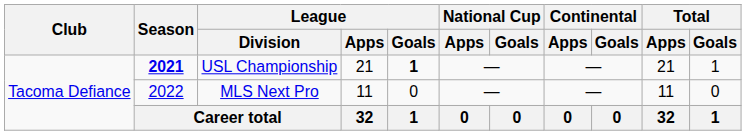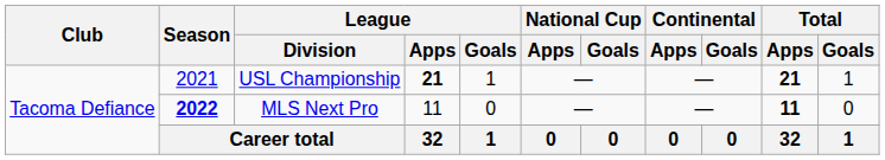 <table class=wikitable style=text-align:center>
 <tr>
 <th rowspan=2>Club</th>
 <th rowspan=2>Season</th>
 <th colspan=3>League</th>
 <th colspan=2>National Cup</th>
 <th colspan=2>Continental</th>
 <th colspan=2>Total</th>
 </tr>
 <tr>
 <th>Division</th>
 <th>Apps</th>
 <th>Goals</th>
 <th>Apps</th>
 <th>Goals</th>
 <th>Apps</th>
 <th>Goals</th>
 <th>Apps</th>
 <th>Goals</th>
 </tr>
 <tr>
 <td rowspan=3><a href='#'>Tacoma Defiance</a></td>
-<td><strong><a href='#'>2021</a></strong></td>
+<td><a href='#'>2021</a></td>
 <td><a href='#'>USL Championship</a></td>
-<td>21</td>
-<td><strong>1</strong></td>
+<td><strong>21</strong></td>
+<td>1</td>
 <td colspan=2>—</td>
 <td colspan=2>—</td>
-<td>21</td>
+<td><strong>21</strong></td>
 <td>1</td>
 </tr>
 <tr>
-<td><a href='#'>2022</a></td>
+<td><strong><a href='#'>2022</a></strong></td>
 <td><a href='#'>MLS Next Pro</a></td>
 <td>11</td>
 <td>0</td>
 <td colspan=2>—</td>
 <td colspan=2>—</td>
-<td>11</td>
+<td><strong>11</strong></td>
 <td>0</td>
 </tr>
 <tr>
 <th colspan=2>Career total</th>
 <th>32</th>
 <th>1</th>
 <th>0</th>
 <th>0</th>
 <th>0</th>
 <th>0</th>
 <th>32</th>
 <th>1</th>
 </tr>
 </table>
